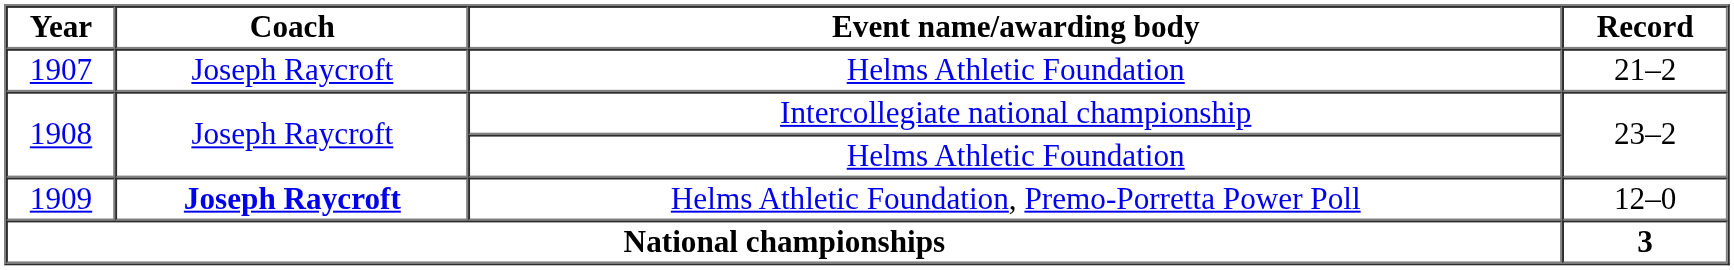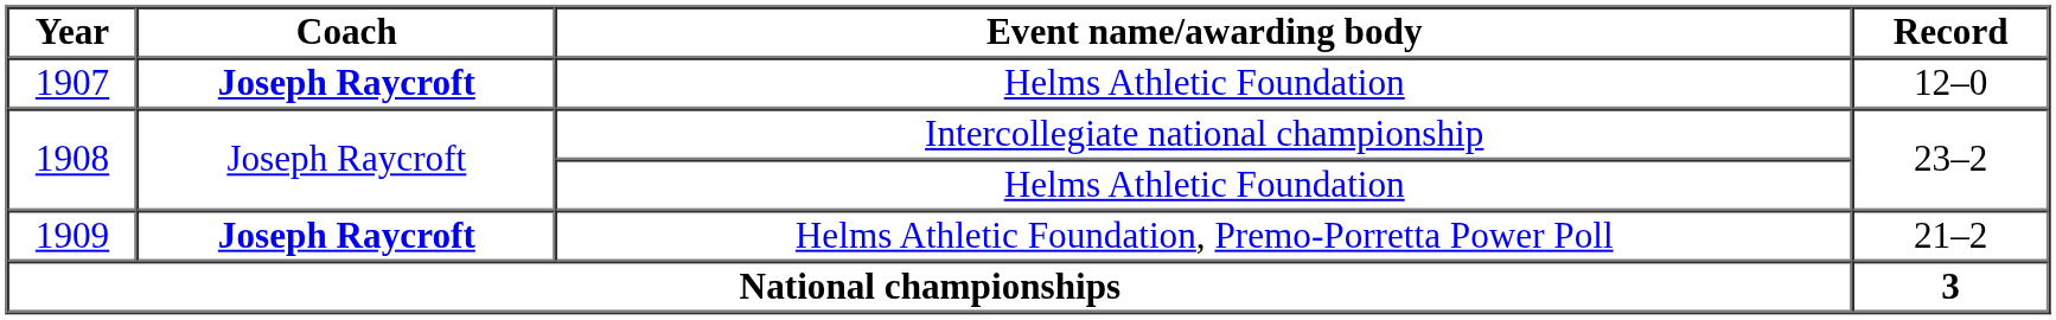 <table cellpadding="1" border="1" cellspacing="0" width="70%" style="text-align:center;">
 <tr>
 <th>Year</th>
 <th>Coach</th>
 <th>Event name/awarding body</th>
 <th>Record</th>
 </tr>
 <tr>
 <td><a href='#'>1907</a></td>
-<td><a href='#'>Joseph Raycroft</a></td>
+<td><strong><a href='#'>Joseph Raycroft</a></strong></td>
 <td><a href='#'>Helms Athletic Foundation</a></td>
-<td>21–2</td>
+<td>12–0</td>
 </tr>
 <tr>
 </tr>
 <tr>
 <td rowspan="2"><a href='#'>1908</a></td>
 <td rowspan="2"><a href='#'>Joseph Raycroft</a></td>
 <td><a href='#'>Intercollegiate national championship</a></td>
 <td rowspan="2">23–2</td>
 </tr>
 <tr>
 <td><a href='#'>Helms Athletic Foundation</a></td>
 </tr>
 <tr style="text-align:center; background:#800000; color:white;">
 </tr>
 <tr>
 <td><a href='#'>1909</a></td>
 <td><strong><a href='#'>Joseph Raycroft</a></strong></td>
 <td><a href='#'>Helms Athletic Foundation</a>, <a href='#'>Premo-Porretta Power Poll</a></td>
-<td>12–0</td>
+<td>21–2</td>
 </tr>
 <tr>
 <td colspan="3"><strong>National championships</strong></td>
 <td colspan="1"><strong>3</strong></td>
 </tr>
 </table>
